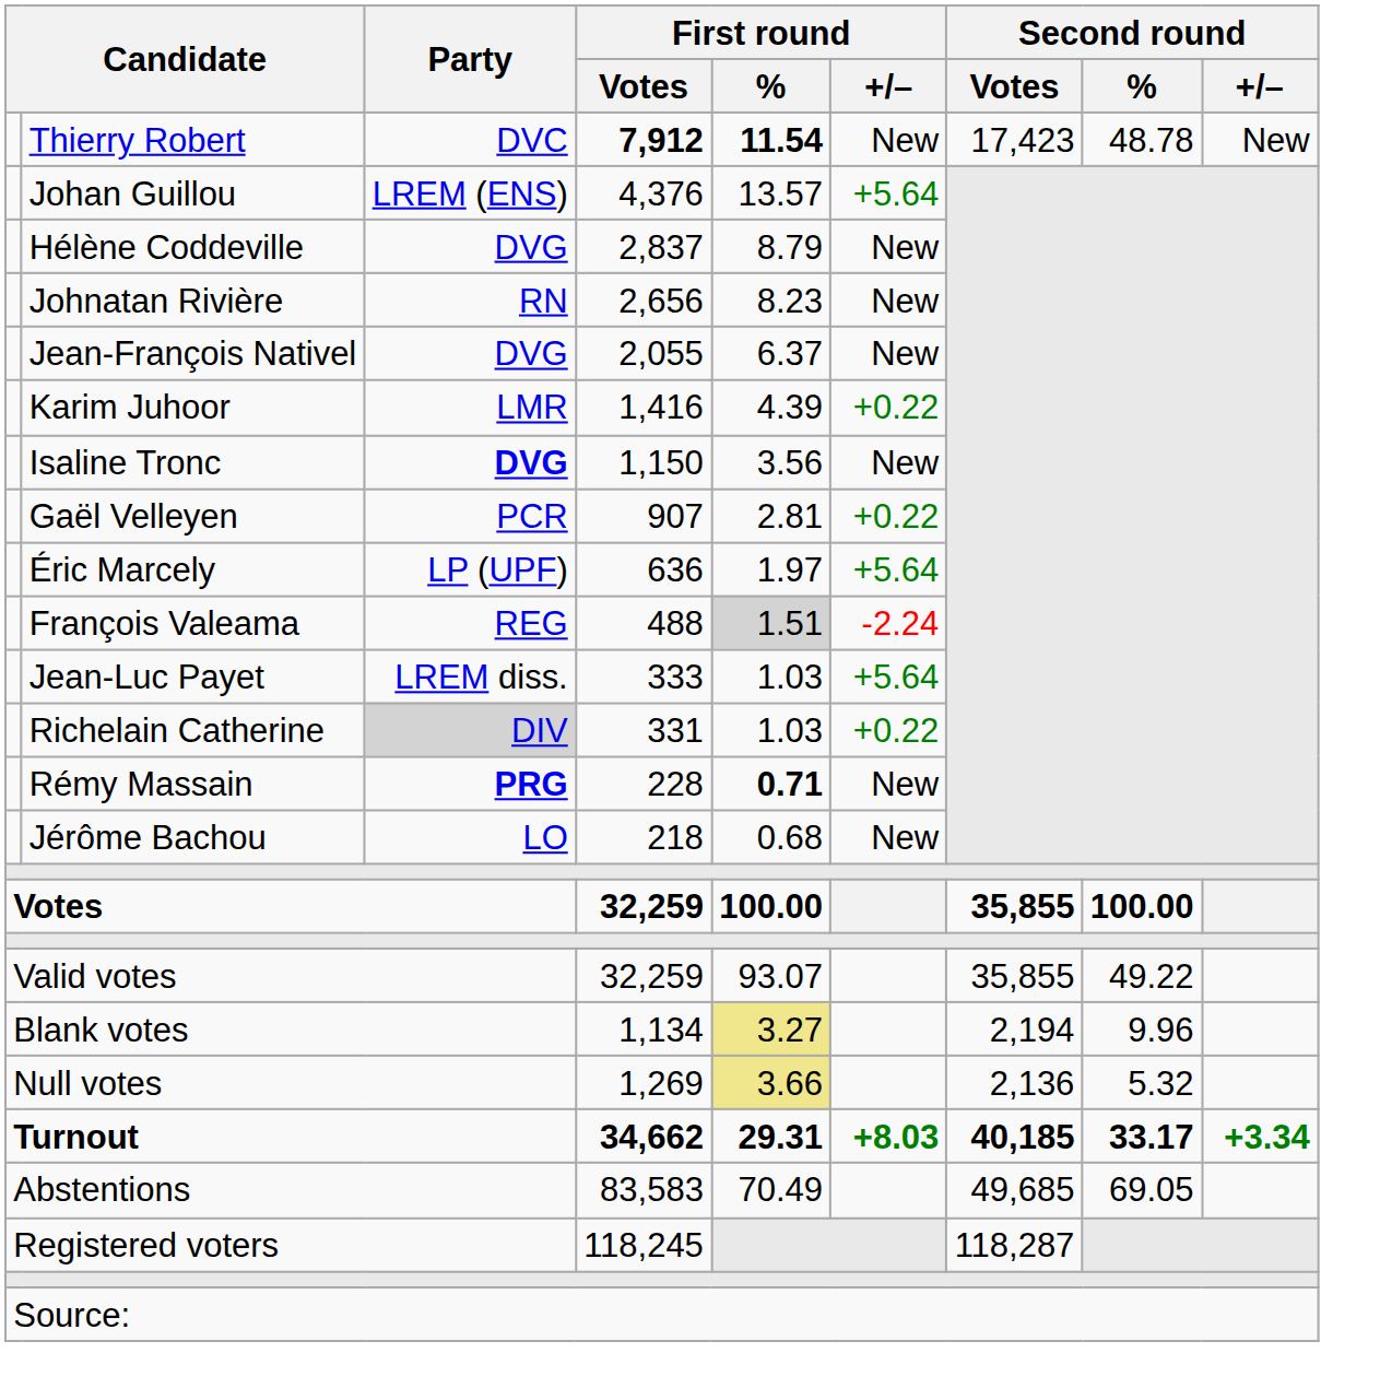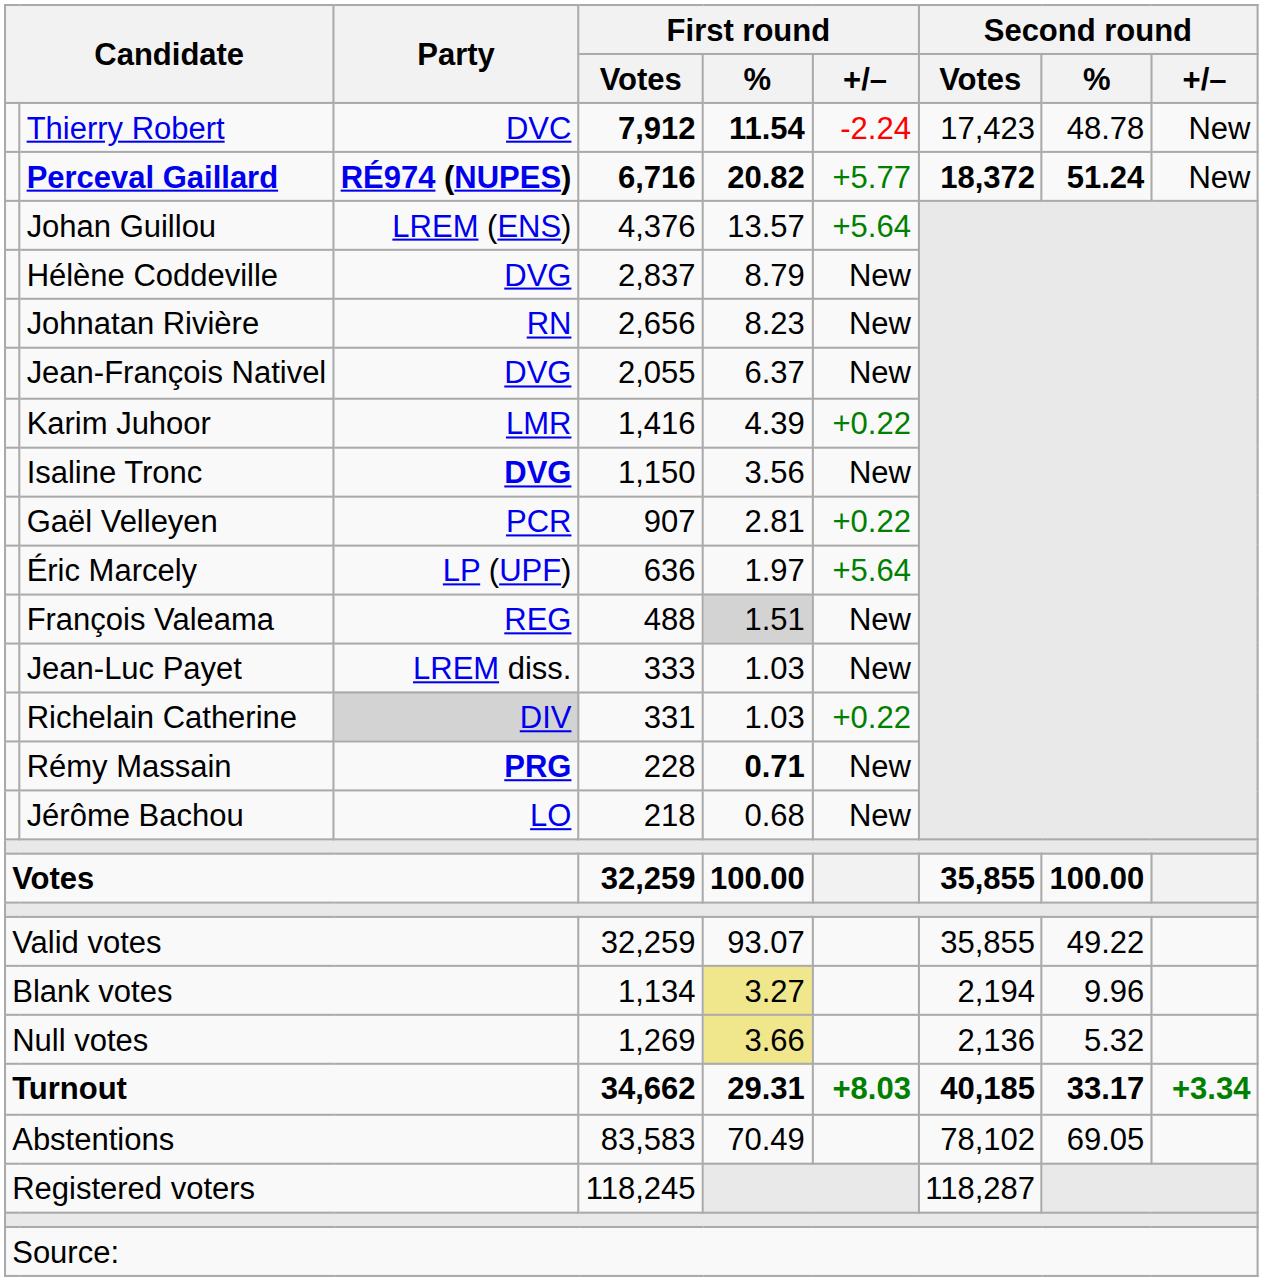 <table class="wikitable" style="text-align:right;font-size:95%;">
 <tr>
 <th colspan="2" rowspan="2">Candidate</th>
 <th rowspan="2">Party</th>
 <th colspan="3">First round</th>
 <th colspan="3">Second round</th>
 </tr>
 <tr>
 <th style="width:50px;">Votes</th>
 <th style="width:45px;">%</th>
 <th style="width:45px;">+/–</th>
 <th style="width:50px;">Votes</th>
 <th style="width:45px;">%</th>
 <th style="width:45px;">+/–</th>
 </tr>
 <tr>
 <td style="color:inherit;background:"></td>
 <td style="text-align:left;"><a href='#'>Thierry Robert</a></td>
 <td><a href='#'>DVC</a></td>
 <td><strong>7,912</strong></td>
 <td><strong>11.54</strong></td>
-<td>New</td>
+<td style="color:red;">-2.24</td>
 <td>17,423</td>
 <td>48.78</td>
+<td>New</td>
+</tr>
+<tr>
+<td style="color:inherit;background:"></td>
+<td style="text-align:left;"><strong><a href='#'>Perceval Gaillard</a></strong></td>
+<td><strong><a href='#'>RÉ974</a> (<a href='#'>NUPES</a>)</strong></td>
+<td><strong>6,716</strong></td>
+<td><strong>20.82</strong></td>
+<td style="color:green;">+5.77</td>
+<td><strong>18,372</strong></td>
+<td><strong>51.24</strong></td>
 <td>New</td>
 </tr>
 <tr>
 <td style="color:inherit;background:"></td>
 <td style="text-align:left;">Johan Guillou</td>
 <td><a href='#'>LREM</a> (<a href='#'>ENS</a>)</td>
 <td>4,376</td>
 <td>13.57</td>
 <td style="color:green;">+5.64</td>
 <td colspan="3" rowspan="13" style="background:#E9E9E9;"></td>
 </tr>
 <tr>
 <td style="color:inherit;background:"></td>
 <td style="text-align:left;">Hélène Coddeville</td>
 <td><a href='#'>DVG</a></td>
 <td>2,837</td>
 <td>8.79</td>
 <td>New</td>
 </tr>
 <tr>
 <td style="color:inherit;background:"></td>
 <td style="text-align:left;">Johnatan Rivière</td>
 <td><a href='#'>RN</a></td>
 <td>2,656</td>
 <td>8.23</td>
 <td>New</td>
 </tr>
 <tr>
 <td style="color:inherit;background:"></td>
 <td style="text-align:left;">Jean-François Nativel</td>
 <td><a href='#'>DVG</a></td>
 <td>2,055</td>
 <td>6.37</td>
 <td>New</td>
 </tr>
 <tr>
 <td style="color:inherit;background:"></td>
 <td style="text-align:left;">Karim Juhoor</td>
 <td><a href='#'>LMR</a></td>
 <td>1,416</td>
 <td>4.39</td>
 <td style="color:green;">+0.22</td>
 </tr>
 <tr>
 <td style="color:inherit;background:"></td>
 <td style="text-align:left;">Isaline Tronc</td>
 <td><strong><a href='#'>DVG</a></strong></td>
 <td>1,150</td>
 <td>3.56</td>
 <td>New</td>
 </tr>
 <tr>
 <td style="color:inherit;background:"></td>
 <td style="text-align:left;">Gaël Velleyen</td>
 <td><a href='#'>PCR</a></td>
 <td>907</td>
 <td>2.81</td>
 <td style="color:green;">+0.22</td>
 </tr>
 <tr>
 <td style="color:inherit;background:"></td>
 <td style="text-align:left;">Éric Marcely</td>
 <td><a href='#'>LP</a> (<a href='#'>UPF</a>)</td>
 <td>636</td>
 <td>1.97</td>
 <td style="color:green;">+5.64</td>
 </tr>
 <tr>
 <td style="color:inherit;background:"></td>
 <td style="text-align:left;">François Valeama</td>
 <td><a href='#'>REG</a></td>
 <td>488</td>
 <td style="background: lightgrey;">1.51</td>
-<td style="color:red;">-2.24</td>
+<td>New</td>
 </tr>
 <tr>
 <td style="color:inherit;background:"></td>
 <td style="text-align:left;">Jean-Luc Payet</td>
 <td><a href='#'>LREM</a> diss.</td>
 <td>333</td>
 <td>1.03</td>
-<td style="color:green;">+5.64</td>
+<td>New</td>
 </tr>
 <tr>
 <td style="color:inherit;background:"></td>
 <td style="text-align:left;">Richelain Catherine</td>
 <td style="background: lightgrey;"><a href='#'>DIV</a></td>
 <td>331</td>
 <td>1.03</td>
 <td style="color:green;">+0.22</td>
 </tr>
 <tr>
 <td style="color:inherit;background:"></td>
 <td style="text-align:left;">Rémy Massain</td>
 <td><strong><a href='#'>PRG</a></strong></td>
 <td>228</td>
 <td><strong>0.71</strong></td>
 <td>New</td>
 </tr>
 <tr>
 <td style="color:inherit;background:"></td>
 <td style="text-align:left;">Jérôme Bachou</td>
 <td><a href='#'>LO</a></td>
 <td>218</td>
 <td>0.68</td>
 <td>New</td>
 </tr>
 <tr>
 <td colspan="9" style="background:#E9E9E9;"></td>
 </tr>
 <tr style="font-weight:bold;">
 <td colspan="3" style="text-align:left;">Votes</td>
 <td>32,259</td>
 <td>100.00</td>
 <th></th>
 <td>35,855</td>
 <td>100.00</td>
 <th></th>
 </tr>
 <tr>
 <td colspan="9" style="background:#E9E9E9;"></td>
 </tr>
 <tr>
 <td colspan="3" style="text-align:left;">Valid votes</td>
 <td>32,259</td>
 <td>93.07</td>
 <td></td>
 <td>35,855</td>
 <td>49.22</td>
 <td></td>
 </tr>
 <tr>
 <td colspan="3" style="text-align:left;">Blank votes</td>
 <td>1,134</td>
 <td style="background: khaki;">3.27</td>
 <td></td>
 <td>2,194</td>
 <td>9.96</td>
 <td></td>
 </tr>
 <tr>
 <td colspan="3" style="text-align:left;">Null votes</td>
 <td>1,269</td>
 <td style="background: khaki;">3.66</td>
 <td></td>
 <td>2,136</td>
 <td>5.32</td>
 <td></td>
 </tr>
 <tr>
 <td colspan="3" style="text-align:left;"><strong>Turnout</strong></td>
 <td><strong>34,662</strong></td>
 <td><strong>29.31</strong></td>
 <td style="color:green;"><strong>+8.03</strong></td>
 <td><strong>40,185</strong></td>
 <td><strong>33.17</strong></td>
 <td style="color:green;"><strong>+3.34</strong></td>
 </tr>
 <tr>
 <td colspan="3" style="text-align:left;">Abstentions</td>
 <td>83,583</td>
 <td>70.49</td>
 <td></td>
-<td>49,685</td>
+<td>78,102</td>
 <td>69.05</td>
 <td></td>
 </tr>
 <tr>
 <td colspan="3" style="text-align:left;">Registered voters</td>
 <td>118,245</td>
 <td colspan="2" style="background:#E9E9E9;"></td>
 <td>118,287</td>
 <td colspan="2" style="background:#E9E9E9;"></td>
 </tr>
 <tr>
 <td colspan="9" style="background:#E9E9E9;"></td>
 </tr>
 <tr>
 <td colspan="9" style="text-align:left;">Source: </td>
 </tr>
 </table>
